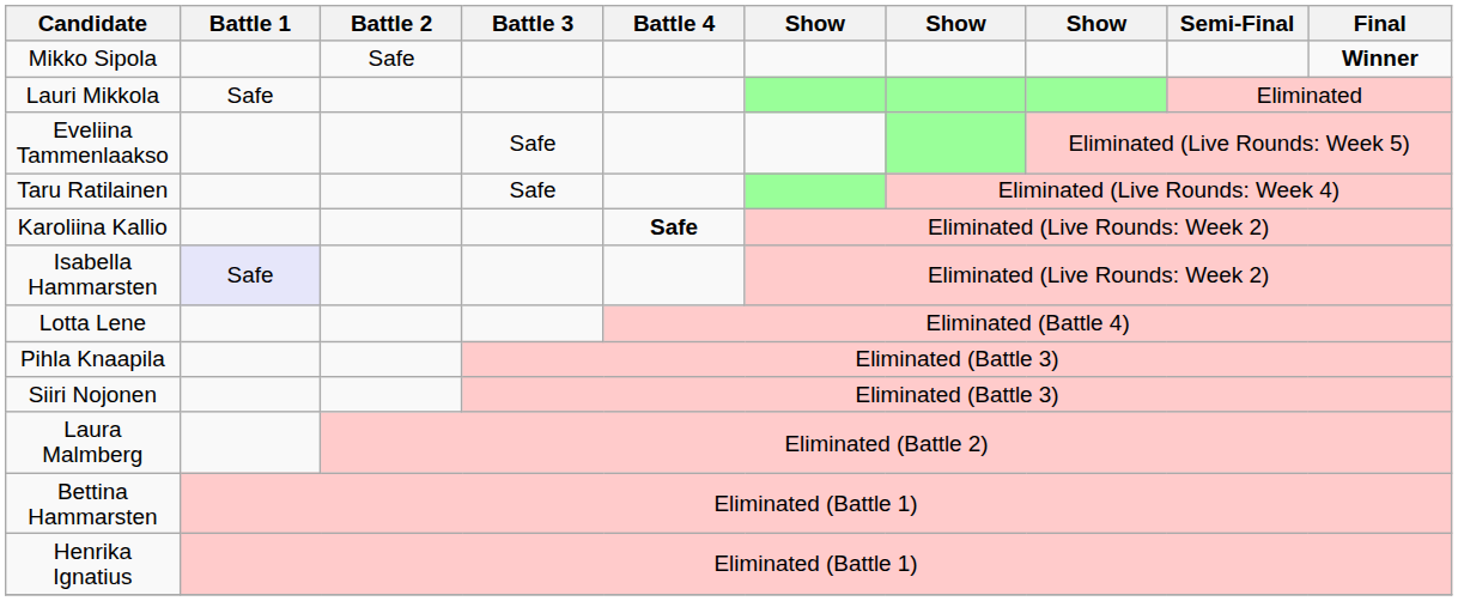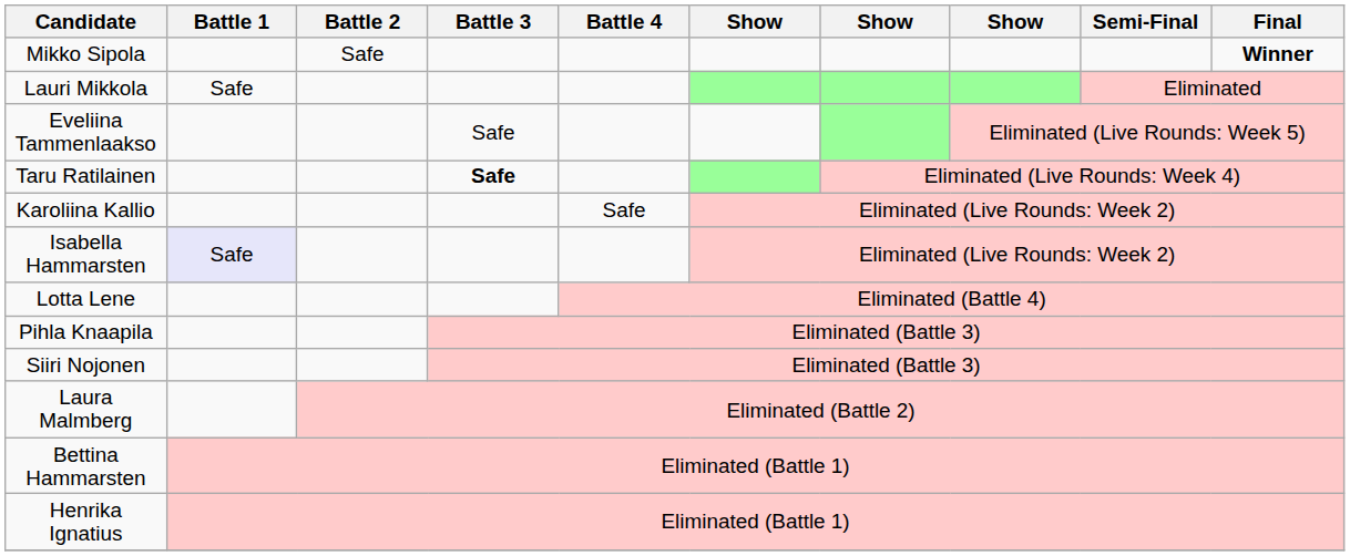 <table class="wikitable" style="text-align:center; font-size:85%">
 <tr>
 <th width="100px">Candidate</th>
 <th width="90px">Battle 1</th>
 <th width="90px">Battle 2</th>
 <th width="90px">Battle 3</th>
 <th width="90px">Battle 4</th>
 <th width="90px">Show</th>
 <th width="90px">Show</th>
 <th width="90px">Show</th>
 <th width="90px">Semi-Final</th>
 <th width="90px">Final</th>
 </tr>
 <tr>
 <td>Mikko Sipola</td>
 <td></td>
 <td>Safe</td>
 <td></td>
 <td></td>
 <td></td>
 <td></td>
 <td></td>
 <td></td>
 <td><strong>Winner</strong></td>
 </tr>
 <tr>
 <td>Lauri Mikkola</td>
 <td>Safe</td>
 <td></td>
 <td></td>
 <td></td>
 <td style="background:#99ff99"> </td>
 <td style="background:#99ff99"> </td>
 <td style="background:#99ff99"> </td>
 <td style="background:#ffcbcb" colspan=4>Eliminated</td>
 </tr>
 <tr>
 <td>Eveliina Tammenlaakso</td>
 <td></td>
 <td></td>
 <td>Safe</td>
 <td></td>
 <td></td>
 <td style="background:#99ff99"> </td>
 <td style="background:#ffcbcb" colspan=5>Eliminated (Live Rounds: Week 5)</td>
 </tr>
 <tr>
 <td>Taru Ratilainen</td>
 <td></td>
 <td></td>
-<td>Safe</td>
+<td><strong>Safe</strong></td>
 <td></td>
 <td style="background:#99ff99"> </td>
 <td style="background:#ffcbcb" colspan=5>Eliminated (Live Rounds: Week 4)</td>
 </tr>
 <tr>
 <td>Karoliina Kallio</td>
 <td></td>
 <td></td>
 <td></td>
-<td><strong>Safe</strong></td>
+<td>Safe</td>
 <td style="background:#ffcbcb" colspan=6>Eliminated (Live Rounds: Week 2)</td>
 </tr>
 <tr>
 <td>Isabella Hammarsten</td>
 <td style="background: lavender;">Safe</td>
 <td></td>
 <td></td>
 <td></td>
 <td style="background:#ffcbcb" colspan=6>Eliminated (Live Rounds: Week 2)</td>
 </tr>
 <tr>
 <td>Lotta Lene</td>
 <td></td>
 <td></td>
 <td></td>
 <td style="background:#ffcbcb" colspan=7>Eliminated (Battle 4)</td>
 </tr>
 <tr>
 <td>Pihla Knaapila</td>
 <td></td>
 <td></td>
 <td style="background:#ffcbcb" colspan=8>Eliminated (Battle 3)</td>
 </tr>
 <tr>
 <td>Siiri Nojonen</td>
 <td></td>
 <td></td>
 <td style="background:#ffcbcb" colspan=8>Eliminated (Battle 3)</td>
 </tr>
 <tr>
 <td>Laura Malmberg</td>
 <td></td>
 <td style="background:#ffcbcb" colspan=9>Eliminated (Battle 2)</td>
 </tr>
 <tr>
 <td>Bettina Hammarsten</td>
 <td style="background:#ffcbcb" colspan=10>Eliminated (Battle 1)</td>
 </tr>
 <tr>
 <td>Henrika Ignatius</td>
 <td style="background:#ffcbcb" colspan=10>Eliminated (Battle 1)</td>
 </tr>
 <tr>
 </tr>
 </table>
